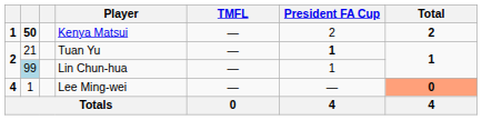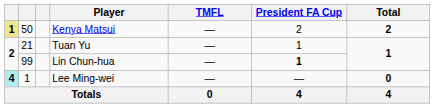 <table class="wikitable" style="text-align:center">
 <tr>
 <th width=15></th>
 <th width=15></th>
 <th width=15></th>
 <th width=175>Player</th>
 <th width=120><a href='#'>TMFL</a></th>
 <th width=140><a href='#'>President FA Cup</a></th>
 <th width=120>Total</th>
 </tr>
 <tr>
-<td><strong>1</strong></td>
-<td><strong>50</strong></td>
+<td style="background: khaki;"><strong>1</strong></td>
+<td>50</td>
 <td></td>
 <td align=left><a href='#'>Kenya Matsui</a></td>
 <td>—</td>
 <td>2</td>
 <td><strong>2</strong></td>
 </tr>
 <tr>
 <td rowspan=2><strong>2</strong></td>
 <td>21</td>
 <td></td>
 <td align=left>Tuan Yu</td>
 <td>—</td>
-<td><strong>1</strong></td>
+<td>1</td>
 <td rowspan=2><strong>1</strong></td>
 </tr>
 <tr>
-<td style="background: lightblue;">99</td>
+<td>99</td>
 <td></td>
 <td align=left>Lin Chun-hua</td>
 <td>—</td>
-<td>1</td>
+<td><strong>1</strong></td>
 </tr>
 <tr>
-<td><strong>4</strong></td>
+<td style="background: paleturquoise;"><strong>4</strong></td>
 <td>1</td>
 <td></td>
 <td align=left>Lee Ming-wei</td>
 <td>—</td>
 <td>—</td>
-<td style="background: lightsalmon;"><strong>0</strong></td>
+<td><strong>0</strong></td>
 </tr>
 <tr>
 <th colspan=4><strong>Totals</strong></th>
 <th><strong>0</strong></th>
 <th><strong>4</strong></th>
 <th><strong>4</strong></th>
 </tr>
 </table>
